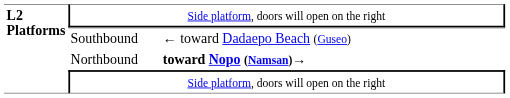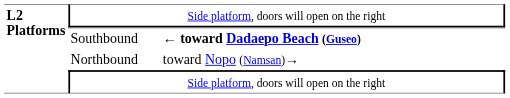 <table table border=0 cellspacing=0 cellpadding=3>
 <tr>
 <td style="border-top:solid 1px gray;border-bottom:solid 1px gray;" width=50 rowspan=10 valign=top><strong>L2<br>Platforms</strong></td>
 <td style="border-top:solid 1px gray;border-right:solid 2px black;border-left:solid 2px black;border-bottom:solid 2px black;text-align:center;" colspan=2><small><a href='#'>Side platform</a>, doors will open on the right</small></td>
 </tr>
 <tr>
 <td style="border-bottom:solid 0px gray;border-top:solid 1px gray;" width=100>Southbound</td>
-<td style="border-bottom:solid 0px gray;border-top:solid 1px gray;" width=390>←  toward <a href='#'>Dadaepo Beach</a> <small>(<a href='#'>Guseo</a>)</small></td>
+<td style="border-bottom:solid 0px gray;border-top:solid 1px gray;" width=390><strong>←  toward <a href='#'>Dadaepo Beach</a> <small>(<a href='#'>Guseo</a>)</small></strong></td>
 </tr>
 <tr>
 <td>Northbound</td>
-<td><strong>  toward <a href='#'>Nopo</a> <small>(<a href='#'>Namsan</a>)</small>→</strong></td>
+<td>  toward <a href='#'>Nopo</a> <small>(<a href='#'>Namsan</a>)</small>→</td>
 </tr>
 <tr>
 <td style="border-top:solid 2px black;border-right:solid 2px black;border-left:solid 2px black;border-bottom:solid 1px gray;text-align:center;" colspan=2><small><a href='#'>Side platform</a>, doors will open on the right</small></td>
 </tr>
 </table>
